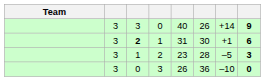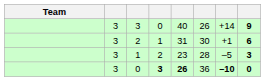 <table class="wikitable" style="text-align:center;font-size:95%">
 <tr>
 <th width=160>Team</th>
 <th width=30></th>
 <th width=30></th>
 <th width=30></th>
 <th width=30></th>
 <th width=30></th>
 <th width=30></th>
 <th width=30></th>
 </tr>
 <tr bgcolor=ccffcc>
 <td align="left"></td>
 <td>3</td>
 <td>3</td>
 <td>0</td>
 <td>40</td>
 <td>26</td>
 <td>+14</td>
 <td><strong>9</strong></td>
 </tr>
 <tr bgcolor=ccffcc>
 <td align="left"></td>
 <td>3</td>
-<td><strong>2</strong></td>
+<td>2</td>
 <td>1</td>
 <td>31</td>
 <td>30</td>
 <td>+1</td>
 <td><strong>6</strong></td>
 </tr>
 <tr bgcolor=ccffcc>
 <td align="left"></td>
 <td>3</td>
 <td>1</td>
 <td>2</td>
 <td>23</td>
 <td>28</td>
 <td>–5</td>
 <td><strong>3</strong></td>
 </tr>
 <tr bgcolor=ccffcc>
 <td align="left"></td>
 <td>3</td>
 <td>0</td>
-<td>3</td>
-<td>26</td>
+<td><strong>3</strong></td>
+<td><strong>26</strong></td>
 <td>36</td>
-<td>–10</td>
+<td><strong>–10</strong></td>
 <td><strong>0</strong></td>
 </tr>
 </table>
